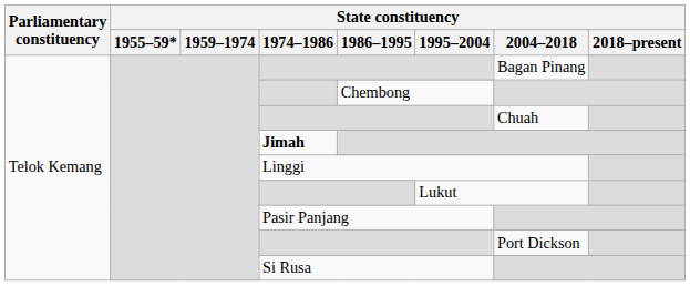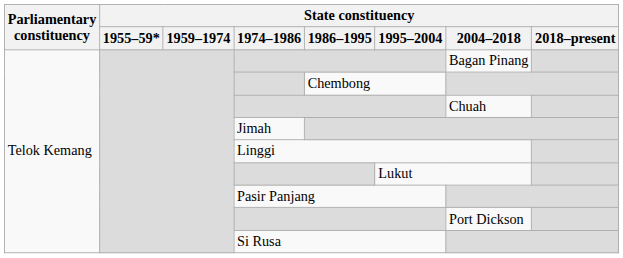 <table class="wikitable">
 <tr>
 <th rowspan="2">Parliamentary<br>constituency</th>
 <th colspan="7">State constituency</th>
 </tr>
 <tr>
 <th>1955–59*</th>
 <th>1959–1974</th>
 <th>1974–1986</th>
 <th>1986–1995</th>
 <th>1995–2004</th>
 <th>2004–2018</th>
 <th>2018–present</th>
 </tr>
 <tr>
 <td rowspan="9">Telok Kemang</td>
 <td colspan="2" rowspan="9" bgcolor="dcdcdc"></td>
 <td colspan="3" bgcolor="dcdcdc"></td>
 <td>Bagan Pinang</td>
 <td bgcolor="dcdcdc"></td>
 </tr>
 <tr>
 <td bgcolor="dcdcdc"></td>
 <td colspan="2">Chembong</td>
 <td colspan="2" bgcolor="dcdcdc"></td>
 </tr>
 <tr>
 <td colspan="3" bgcolor="dcdcdc"></td>
 <td>Chuah</td>
 <td bgcolor="dcdcdc"></td>
 </tr>
 <tr>
-<td><strong>Jimah</strong></td>
+<td>Jimah</td>
 <td colspan="4" bgcolor="dcdcdc"></td>
 </tr>
 <tr>
 <td colspan="4">Linggi</td>
 <td bgcolor="dcdcdc"></td>
 </tr>
 <tr>
 <td colspan="2" bgcolor="dcdcdc"></td>
 <td colspan="2">Lukut</td>
 <td bgcolor="dcdcdc"></td>
 </tr>
 <tr>
 <td colspan="3">Pasir Panjang</td>
 <td colspan="2" bgcolor="dcdcdc"></td>
 </tr>
 <tr>
 <td colspan="3" bgcolor="dcdcdc"></td>
 <td>Port Dickson</td>
 <td bgcolor="dcdcdc"></td>
 </tr>
 <tr>
 <td colspan="3">Si Rusa</td>
 <td colspan="2" bgcolor="dcdcdc"></td>
 </tr>
 </table>
